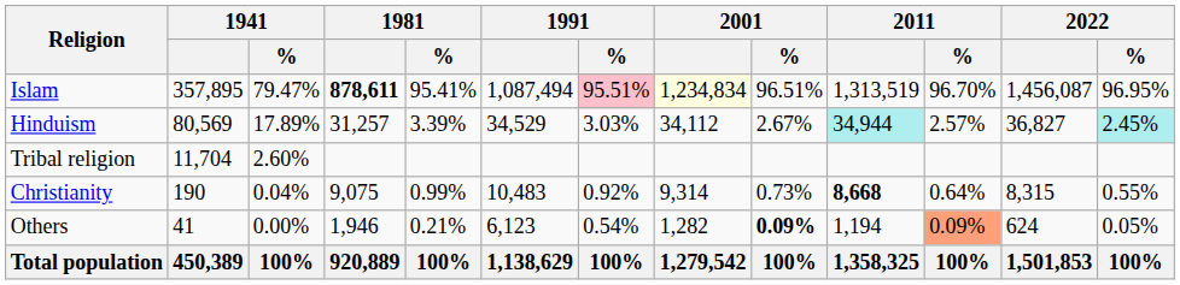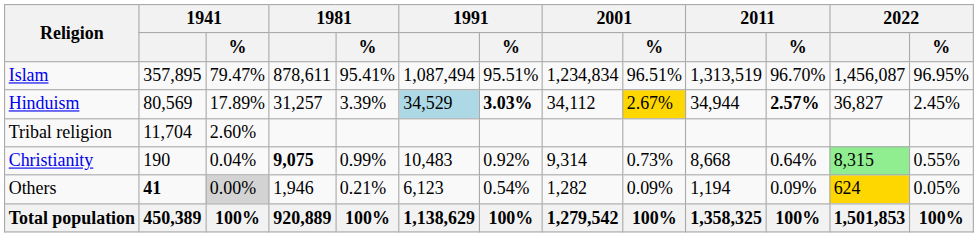 <table class="wikitable sortable">
 <tr>
 <th rowspan="2">Religion</th>
 <th colspan="2">1941</th>
 <th colspan="2">1981</th>
 <th colspan="2">1991</th>
 <th colspan="2">2001</th>
 <th colspan="2">2011</th>
 <th colspan="2">2022</th>
 </tr>
 <tr>
 <th></th>
 <th>%</th>
 <th></th>
 <th>%</th>
 <th></th>
 <th>%</th>
 <th></th>
 <th>%</th>
 <th></th>
 <th>%</th>
 <th></th>
 <th>%</th>
 </tr>
 <tr>
 <td><a href='#'>Islam</a> </td>
 <td>357,895</td>
 <td>79.47%</td>
-<td><strong>878,611</strong></td>
+<td>878,611</td>
 <td>95.41%</td>
 <td>1,087,494</td>
-<td style="background: pink;">95.51%</td>
-<td style="background: lightyellow;">1,234,834</td>
+<td>95.51%</td>
+<td>1,234,834</td>
 <td>96.51%</td>
 <td>1,313,519</td>
 <td>96.70%</td>
 <td>1,456,087</td>
 <td>96.95%</td>
 </tr>
 <tr>
 <td><a href='#'>Hinduism</a> </td>
 <td>80,569</td>
 <td>17.89%</td>
 <td>31,257</td>
 <td>3.39%</td>
-<td>34,529</td>
-<td>3.03%</td>
+<td style="background: lightblue;">34,529</td>
+<td><strong>3.03%</strong></td>
 <td>34,112</td>
-<td>2.67%</td>
-<td style="background: paleturquoise;">34,944</td>
-<td>2.57%</td>
+<td style="background: gold;">2.67%</td>
+<td>34,944</td>
+<td><strong>2.57%</strong></td>
 <td>36,827</td>
-<td style="background: paleturquoise;">2.45%</td>
+<td>2.45%</td>
 </tr>
 <tr>
 <td>Tribal religion</td>
 <td>11,704</td>
 <td>2.60%</td>
 <td></td>
 <td></td>
 <td></td>
 <td></td>
 <td></td>
 <td></td>
 <td></td>
 <td></td>
 <td></td>
 <td></td>
 </tr>
 <tr>
 <td><a href='#'>Christianity</a> </td>
 <td>190</td>
 <td>0.04%</td>
-<td>9,075</td>
+<td><strong>9,075</strong></td>
 <td>0.99%</td>
 <td>10,483</td>
 <td>0.92%</td>
 <td>9,314</td>
 <td>0.73%</td>
-<td><strong>8,668</strong></td>
+<td>8,668</td>
 <td>0.64%</td>
-<td>8,315</td>
+<td style="background: lightgreen;">8,315</td>
 <td>0.55%</td>
 </tr>
 <tr>
 <td>Others </td>
-<td>41</td>
-<td>0.00%</td>
+<td><strong>41</strong></td>
+<td style="background: lightgrey;">0.00%</td>
 <td>1,946</td>
 <td>0.21%</td>
 <td>6,123</td>
 <td>0.54%</td>
 <td>1,282</td>
-<td><strong>0.09%</strong></td>
+<td>0.09%</td>
 <td>1,194</td>
-<td style="background: lightsalmon;">0.09%</td>
-<td>624</td>
+<td>0.09%</td>
+<td style="background: gold;">624</td>
 <td>0.05%</td>
 </tr>
 <tr>
 <th>Total population</th>
 <th>450,389</th>
 <th>100%</th>
 <th>920,889</th>
 <th>100%</th>
 <th>1,138,629</th>
 <th>100%</th>
 <th>1,279,542</th>
 <th>100%</th>
 <th>1,358,325</th>
 <th>100%</th>
 <th>1,501,853</th>
 <th>100%</th>
 </tr>
 </table>
